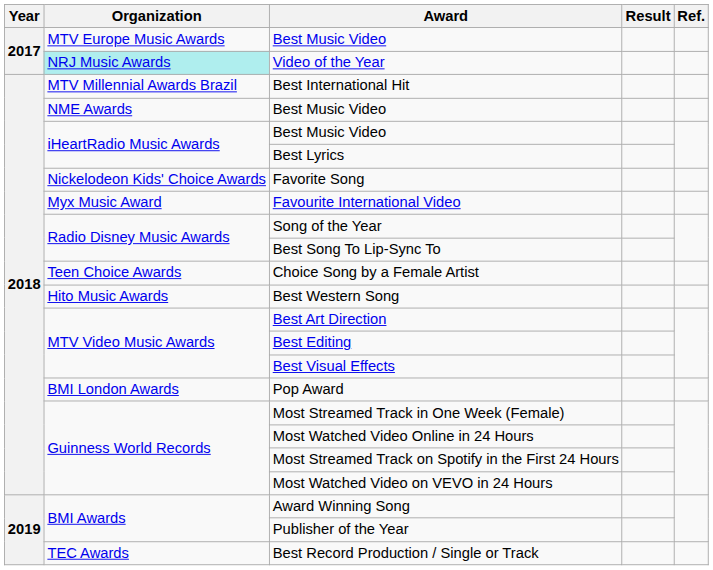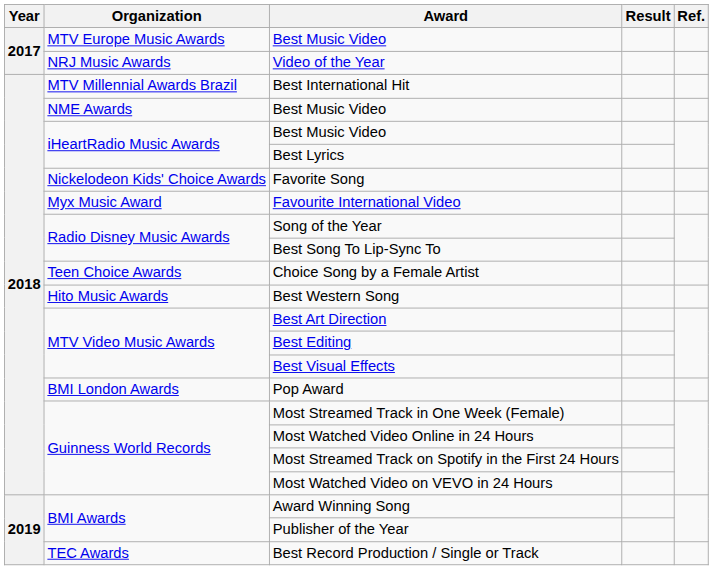 <table class="wikitable">
 <tr>
 <th>Year</th>
 <th>Organization</th>
 <th>Award</th>
 <th>Result</th>
 <th>Ref.</th>
 </tr>
 <tr>
 <th rowspan="2">2017</th>
 <td><a href='#'>MTV Europe Music Awards</a></td>
 <td><a href='#'>Best Music Video</a></td>
 <td></td>
 <td style="text-align:center;"></td>
 </tr>
 <tr>
-<td style="background: paleturquoise;"><a href='#'>NRJ Music Awards</a></td>
+<td><a href='#'>NRJ Music Awards</a></td>
 <td><a href='#'>Video of the Year</a></td>
 <td></td>
 <td style="text-align:center;"></td>
 </tr>
 <tr>
 <th rowspan="18">2018</th>
 <td><a href='#'>MTV Millennial Awards Brazil</a></td>
 <td>Best International Hit</td>
 <td></td>
 <td rowspan="1" style="text-align:center;"></td>
 </tr>
 <tr>
 <td><a href='#'>NME Awards</a></td>
 <td>Best Music Video</td>
 <td></td>
 <td style="text-align:center;"></td>
 </tr>
 <tr>
 <td rowspan=2><a href='#'>iHeartRadio Music Awards</a></td>
 <td>Best Music Video</td>
 <td></td>
 <td style="text-align:center;" rowspan=2></td>
 </tr>
 <tr>
 <td>Best Lyrics</td>
 <td></td>
 </tr>
 <tr>
 <td><a href='#'>Nickelodeon Kids' Choice Awards</a></td>
 <td>Favorite Song</td>
 <td></td>
 <td style="text-align:center;"></td>
 </tr>
 <tr>
 <td><a href='#'>Myx Music Award</a></td>
 <td><a href='#'>Favourite International Video</a></td>
 <td></td>
 <td style="text-align:center;"></td>
 </tr>
 <tr>
 <td rowspan=2><a href='#'>Radio Disney Music Awards</a></td>
 <td>Song of the Year</td>
 <td></td>
 <td style="text-align:center;" rowspan=2></td>
 </tr>
 <tr>
 <td>Best Song To Lip-Sync To</td>
 <td></td>
 </tr>
 <tr>
 <td><a href='#'>Teen Choice Awards</a></td>
 <td>Choice Song by a Female Artist</td>
 <td></td>
 <td style="text-align:center;"></td>
 </tr>
 <tr>
 <td><a href='#'>Hito Music Awards</a></td>
 <td>Best Western Song</td>
 <td></td>
 <td align="center"></td>
 </tr>
 <tr>
 <td rowspan=3><a href='#'>MTV Video Music Awards</a></td>
 <td><a href='#'>Best Art Direction</a></td>
 <td></td>
 <td style="text-align:center;" rowspan=3></td>
 </tr>
 <tr>
 <td><a href='#'>Best Editing</a></td>
 <td></td>
 </tr>
 <tr>
 <td><a href='#'>Best Visual Effects</a></td>
 <td></td>
 </tr>
 <tr>
 <td><a href='#'>BMI London Awards</a></td>
 <td>Pop Award</td>
 <td></td>
 <td style="text-align:center;"></td>
 </tr>
 <tr>
 <td rowspan=4><a href='#'>Guinness World Records</a></td>
 <td>Most Streamed Track in One Week (Female)</td>
 <td></td>
 <td rowspan="4" style="text-align:center;"></td>
 </tr>
 <tr>
 <td>Most Watched Video Online in 24 Hours</td>
 <td></td>
 </tr>
 <tr>
 <td>Most Streamed Track on Spotify in the First 24 Hours</td>
 <td></td>
 </tr>
 <tr>
 <td>Most Watched Video on VEVO in 24 Hours</td>
 <td></td>
 </tr>
 <tr>
 <th scope="row" rowspan="3">2019</th>
 <td rowspan=2><a href='#'>BMI Awards</a></td>
 <td>Award Winning Song</td>
 <td></td>
 <td rowspan="2" style="text-align:center;"></td>
 </tr>
 <tr>
 <td>Publisher of the Year</td>
 <td></td>
 </tr>
 <tr>
 <td><a href='#'>TEC Awards</a></td>
 <td>Best Record Production / Single or Track</td>
 <td></td>
 <td style="text-align:center;"></td>
 </tr>
 </table>
